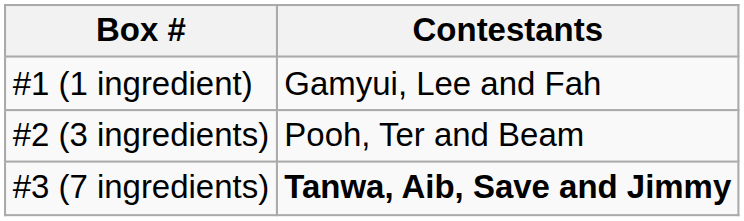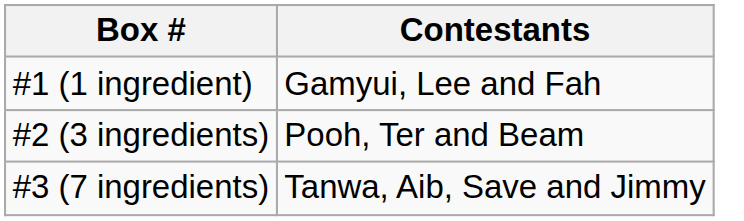 <table class="wikitable">
 <tr>
 <th>Box #</th>
 <th>Contestants</th>
 </tr>
 <tr>
 <td>#1 (1 ingredient)</td>
 <td>Gamyui, Lee and Fah</td>
 </tr>
 <tr>
 <td>#2 (3 ingredients)</td>
 <td>Pooh, Ter and Beam</td>
 </tr>
 <tr>
 <td>#3 (7 ingredients)</td>
-<td><strong>Tanwa, Aib, Save and Jimmy</strong></td>
+<td>Tanwa, Aib, Save and Jimmy</td>
 </tr>
 </table>
